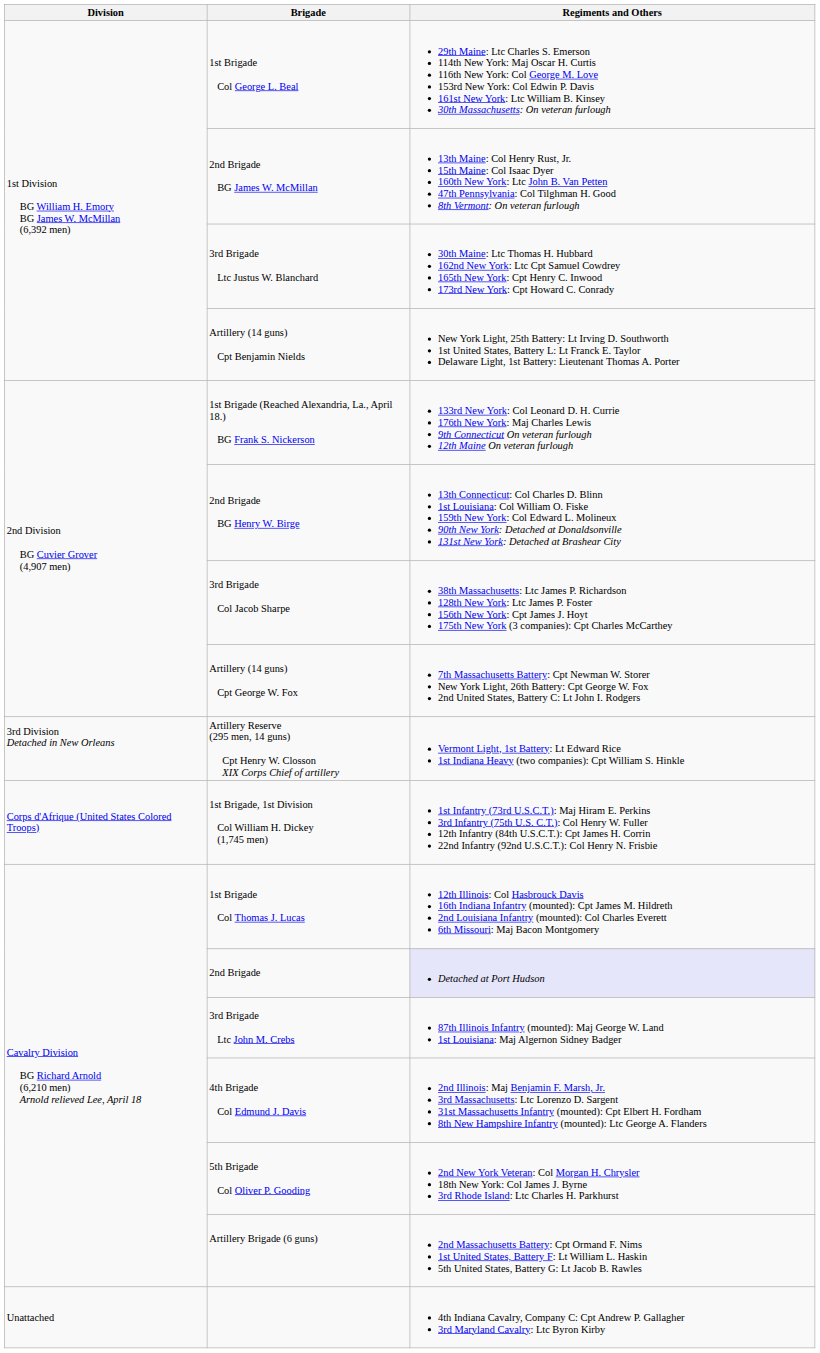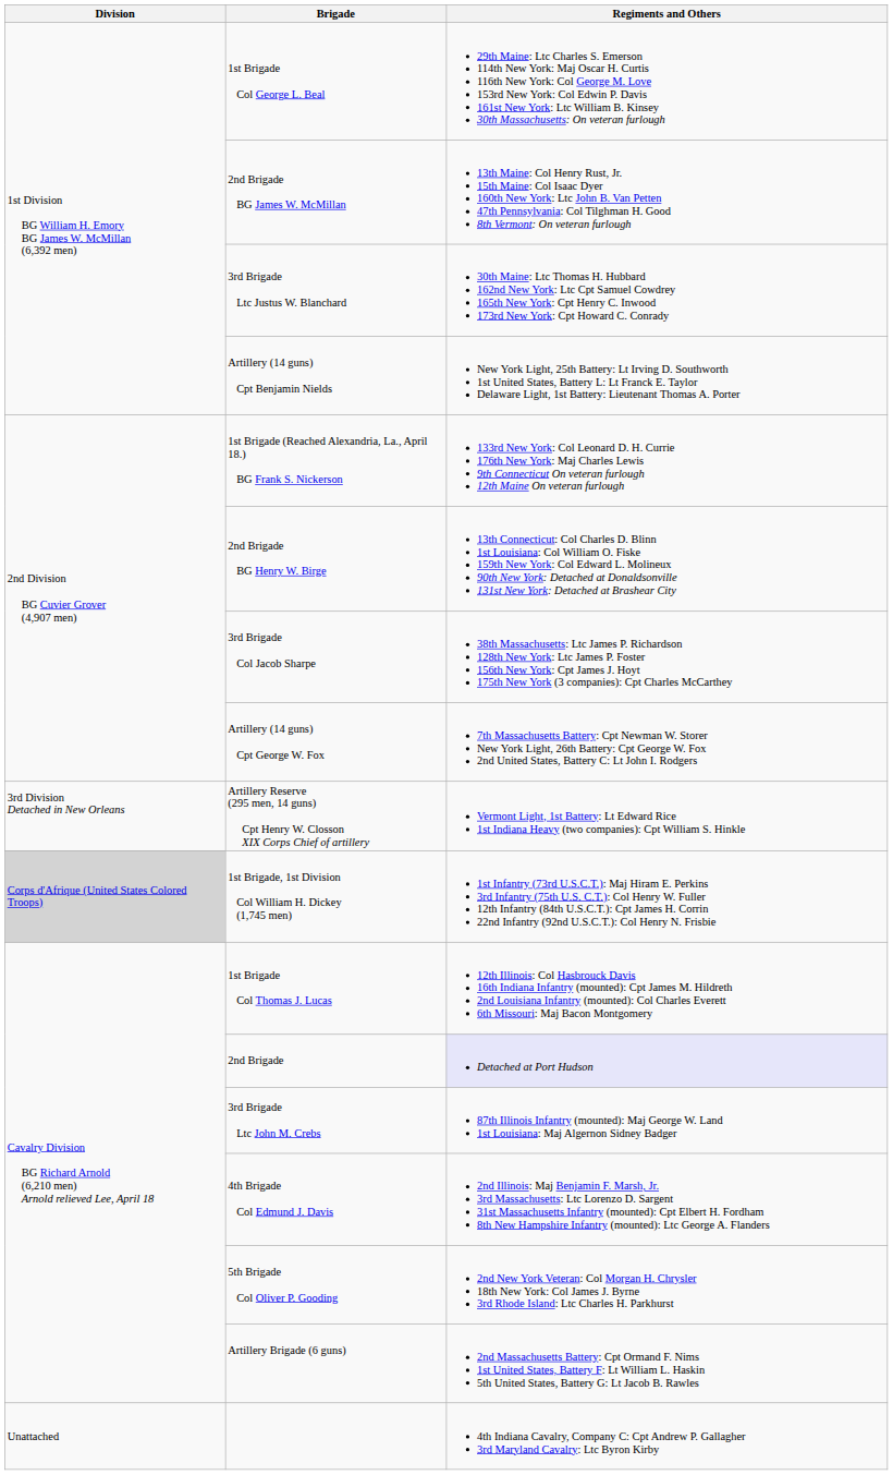 <table class="wikitable">
 <tr>
 <th width="25%">Division</th>
 <th width="25%">Brigade</th>
 <th>Regiments and Others</th>
 </tr>
 <tr>
 <td rowspan="4"><br>1st Division<br><br>     BG <a href='#'>William H. Emory</a> <br>     BG <a href='#'>James W. McMillan</a> <br>     (6,392 men)</td>
 <td>1st Brigade<br><br>   Col <a href='#'>George L. Beal</a></td>
 <td><br><ul><li><a href='#'>29th Maine</a>: Ltc Charles S. Emerson</li><li>114th New York: Maj Oscar H. Curtis</li><li>116th New York: Col <a href='#'>George M. Love</a></li><li>153rd New York: Col Edwin P. Davis</li><li><a href='#'>161st New York</a>: Ltc  William B. Kinsey</li><li><em><a href='#'>30th Massachusetts</a>: On veteran furlough</em></li></ul></td>
 </tr>
 <tr>
 <td>2nd Brigade<br><br>   BG <a href='#'>James W. McMillan</a></td>
 <td><br><ul><li><a href='#'>13th Maine</a>: Col Henry Rust, Jr.</li><li><a href='#'>15th Maine</a>: Col Isaac Dyer</li><li><a href='#'>160th New York</a>: Ltc <a href='#'>John B. Van Petten</a></li><li><a href='#'>47th Pennsylvania</a>: Col Tilghman H. Good</li><li><em><a href='#'>8th Vermont</a>: On veteran furlough</em></li></ul></td>
 </tr>
 <tr>
 <td>3rd Brigade<br><br>   Ltc Justus W. Blanchard</td>
 <td><br><ul><li><a href='#'>30th Maine</a>: Ltc Thomas H. Hubbard</li><li><a href='#'>162nd New York</a>: Ltc Cpt Samuel Cowdrey</li><li><a href='#'>165th New York</a>: Cpt Henry C. Inwood</li><li><a href='#'>173rd New York</a>: Cpt Howard C. Conrady</li></ul></td>
 </tr>
 <tr>
 <td>Artillery (14 guns)<br><br>   Cpt Benjamin Nields</td>
 <td><br><ul><li>New York Light, 25th Battery: Lt Irving D. Southworth</li><li>1st United States, Battery L: Lt Franck E. Taylor</li><li>Delaware Light, 1st Battery: Lieutenant Thomas A. Porter</li></ul></td>
 </tr>
 <tr>
 <td rowspan="4">2nd Division<br><br>     BG <a href='#'>Cuvier Grover</a> <br>     (4,907 men)</td>
 <td>1st Brigade (Reached Alexandria, La., April 18.)<br><br>   BG <a href='#'>Frank S. Nickerson</a></td>
 <td><br><ul><li><a href='#'>133rd New York</a>: Col Leonard D. H. Currie</li><li><a href='#'>176th New York</a>: Maj Charles Lewis</li><li><em><a href='#'>9th Connecticut</a> On veteran furlough</em></li><li><em><a href='#'>12th Maine</a> On veteran furlough</em></li></ul></td>
 </tr>
 <tr>
 <td>2nd Brigade<br><br>   BG <a href='#'>Henry W. Birge</a></td>
 <td><br><ul><li><a href='#'>13th Connecticut</a>: Col Charles D. Blinn</li><li><a href='#'>1st Louisiana</a>: Col William O. Fiske</li><li><a href='#'>159th New York</a>: Col Edward L. Molineux</li><li><em><a href='#'>90th New York</a>: Detached at Donaldsonville</em></li><li><em><a href='#'>131st New York</a>: Detached at Brashear City</em></li></ul></td>
 </tr>
 <tr>
 <td>3rd Brigade<br><br>   Col  Jacob Sharpe <br>  </td>
 <td><br><ul><li><a href='#'>38th Massachusetts</a>: Ltc James P. Richardson</li><li><a href='#'>128th New York</a>: Ltc James P. Foster</li><li><a href='#'>156th New York</a>: Cpt James J. Hoyt</li><li><a href='#'>175th New York</a> (3 companies): Cpt Charles McCarthey</li></ul></td>
 </tr>
 <tr>
 <td>Artillery (14 guns)<br><br>   Cpt George W. Fox</td>
 <td><br><ul><li><a href='#'>7th Massachusetts Battery</a>: Cpt Newman W. Storer</li><li>New York Light, 26th Battery: Cpt George W. Fox</li><li>2nd United States, Battery C: Lt John I. Rodgers</li></ul></td>
 </tr>
 <tr>
 <td rowspan=1>3rd Division<br><em>Detached in New Orleans</em><br><br>    </td>
 <td>Artillery Reserve<br>(295 men, 14 guns)<br><br>     Cpt Henry W. Closson <br>     <em>XIX Corps Chief of artillery</em></td>
 <td><br><ul><li><a href='#'>Vermont Light, 1st Battery</a>: Lt Edward Rice</li><li><a href='#'>1st Indiana Heavy</a> (two companies): Cpt William S. Hinkle</li></ul></td>
 </tr>
 <tr>
-<td><a href='#'>Corps d'Afrique (United States Colored Troops)</a></td>
+<td style="background: lightgrey;"><a href='#'>Corps d'Afrique (United States Colored Troops)</a></td>
 <td>1st Brigade, 1st Division<br><br>   Col William H. Dickey <br>   (1,745 men)</td>
 <td><br><ul><li><a href='#'>1st Infantry (73rd U.S.C.T.)</a>: Maj Hiram E. Perkins</li><li><a href='#'>3rd Infantry (75th U.S. C.T.)</a>: Col Henry W. Fuller</li><li>12th Infantry (84th U.S.C.T.): Cpt James H. Corrin</li><li>22nd Infantry (92nd U.S.C.T.): Col Henry N. Frisbie</li></ul></td>
 </tr>
 <tr>
 <td rowspan="6"><a href='#'>Cavalry Division</a><br><br>     BG <a href='#'>Richard Arnold</a> <br>     (6,210 men) <br>     <em>Arnold relieved Lee, April 18</em></td>
 <td>1st Brigade<br><br>   Col <a href='#'>Thomas J. Lucas</a></td>
 <td><br><ul><li><a href='#'>12th Illinois</a>: Col <a href='#'>Hasbrouck Davis</a></li><li><a href='#'>16th Indiana Infantry</a> (mounted): Cpt James M. Hildreth</li><li><a href='#'>2nd Louisiana Infantry</a> (mounted): Col Charles Everett</li><li><a href='#'>6th Missouri</a>: Maj Bacon Montgomery</li></ul></td>
 </tr>
 <tr>
 <td>2nd Brigade</td>
 <td style="background: lavender;"><br><ul><li><em>Detached at Port Hudson</em></li></ul></td>
 </tr>
 <tr>
 <td>3rd Brigade<br><br>   Ltc <a href='#'>John M. Crebs</a></td>
 <td><br><ul><li><a href='#'>87th Illinois Infantry</a> (mounted): Maj George W. Land</li><li><a href='#'>1st Louisiana</a>: Maj Algernon Sidney Badger</li></ul></td>
 </tr>
 <tr>
 <td>4th Brigade<br><br>   Col <a href='#'>Edmund J. Davis</a></td>
 <td><br><ul><li><a href='#'>2nd Illinois</a>: Maj <a href='#'>Benjamin F. Marsh, Jr.</a></li><li><a href='#'>3rd Massachusetts</a>: Ltc Lorenzo D. Sargent</li><li><a href='#'>31st Massachusetts Infantry</a> (mounted): Cpt Elbert H. Fordham</li><li><a href='#'>8th New Hampshire Infantry</a> (mounted): Ltc George A. Flanders</li></ul></td>
 </tr>
 <tr>
 <td>5th Brigade<br><br>   Col <a href='#'>Oliver P. Gooding</a></td>
 <td><br><ul><li><a href='#'>2nd New York Veteran</a>: Col <a href='#'>Morgan H. Chrysler</a></li><li>18th New York: Col James J. Byrne</li><li><a href='#'>3rd Rhode Island</a>:  Ltc Charles H. Parkhurst</li></ul></td>
 </tr>
 <tr>
 <td>Artillery Brigade (6 guns)<br><br>  </td>
 <td><br><ul><li><a href='#'>2nd Massachusetts Battery</a>: Cpt Ormand F. Nims</li><li><a href='#'>1st United States, Battery F</a>: Lt William L. Haskin</li><li>5th United States, Battery G: Lt Jacob B. Rawles</li></ul></td>
 </tr>
 <tr>
 <td>Unattached</td>
 <td></td>
 <td><br><ul><li>4th Indiana Cavalry, Company C: Cpt Andrew P. Gallagher</li><li><a href='#'>3rd Maryland Cavalry</a>: Ltc Byron Kirby</li></ul></td>
 </tr>
 </table>
